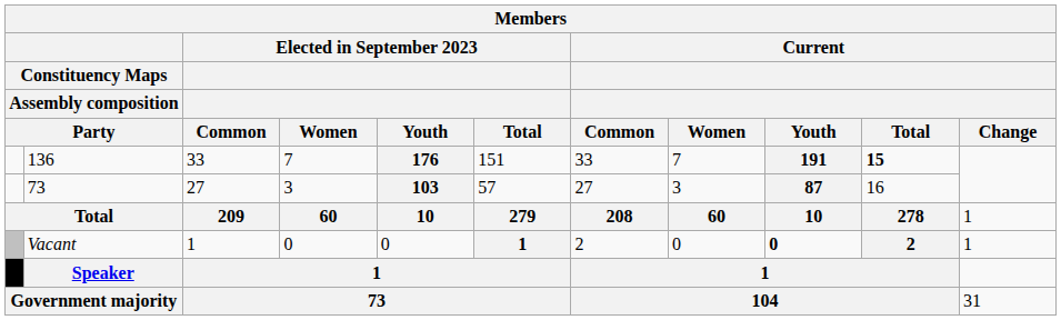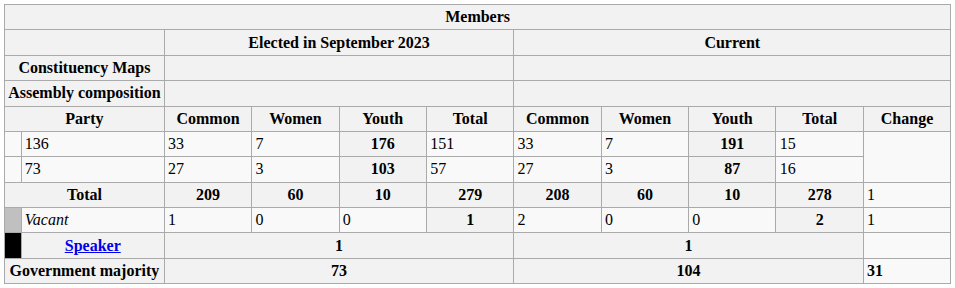 <table class="wikitable" text-align: center;">
 <tr>
 <th colspan="11" style="vertical-align: top;">Members</th>
 </tr>
 <tr>
 <th colspan="2" style="vertical-align: top;"></th>
 <th colspan="4" style="vertical-align: top;">Elected in September 2023</th>
 <th colspan="5" style="vertical-align: top;">Current</th>
 </tr>
 <tr>
 <th colspan="2">Constituency Maps</th>
 <th colspan="4"></th>
 <th colspan="5"></th>
 </tr>
 <tr>
 <th colspan="2">Assembly composition</th>
 <th colspan="4"></th>
 <th colspan="5"></th>
 </tr>
 <tr>
 <th colspan="2" class=unsortable style="text-align: center; vertical-align: middle; width: 150px;">Party</th>
 <th data-sort-type=number style="width: 80px;">Common</th>
 <th style="width: 80px;">Women</th>
 <th style="width: 80px;">Youth</th>
 <th style="width: 80px;">Total</th>
 <th data-sort-type=number style="width: 80px;">Common</th>
 <th style="width: 80px;">Women</th>
 <th style="width: 80px;">Youth</th>
 <th style="width: 80px;">Total</th>
 <th style="width: 80px;">Change</th>
 </tr>
 <tr>
 <td></td>
 <td>136</td>
 <td>33</td>
 <td>7</td>
 <th>176</th>
 <td>151</td>
 <td>33</td>
 <td>7</td>
 <th>191</th>
-<td><strong> 15</strong></td>
+<td> 15</td>
 </tr>
 <tr>
 <td></td>
 <td>73</td>
 <td>27</td>
 <td>3</td>
 <th>103</th>
 <td>57</td>
 <td>27</td>
 <td>3</td>
 <th>87</th>
 <td> 16</td>
 </tr>
 <tr>
 </tr>
 <tr>
 <th colspan="2">Total</th>
 <th>209</th>
 <th>60</th>
 <th>10</th>
 <th>279</th>
 <th>208</th>
 <th>60</th>
 <th>10</th>
 <th>278</th>
 <td> 1</td>
 </tr>
 <tr>
 <td bgcolor=#C0C0C0></td>
 <td colspan="1"><em>Vacant</em></td>
 <td>1</td>
 <td>0</td>
 <td>0</td>
 <th>1</th>
 <td>2</td>
 <td>0</td>
-<td><strong>0</strong></td>
+<td>0</td>
 <th>2</th>
 <td> 1</td>
 </tr>
 <tr>
 <td bgcolor=black></td>
 <th colspan="1"><a href='#'>Speaker</a></th>
 <th colspan="4">1</th>
 <th colspan="4">1</th>
 <td></td>
 </tr>
 <tr>
 <th colspan="2">Government majority</th>
 <th colspan="4">73</th>
 <th colspan="4">104</th>
-<td> 31</td>
+<td><strong> 31</strong></td>
 </tr>
 <tr>
 </tr>
 </table>
